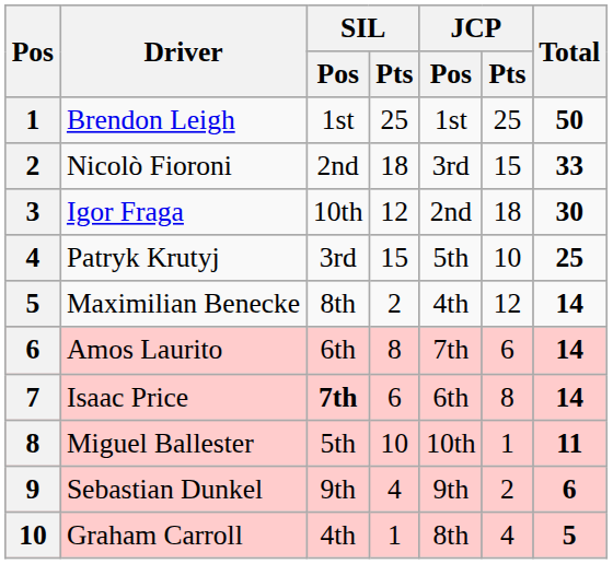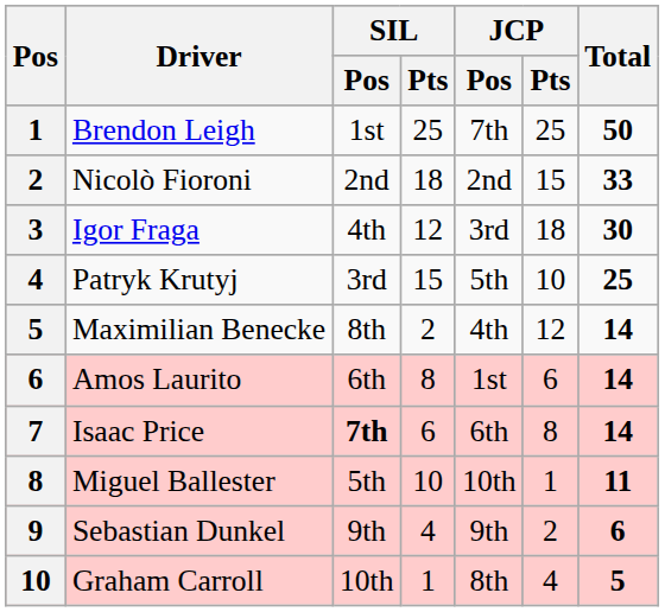 <table class="wikitable" style="font-size: 95%;">
 <tr>
 <th rowspan=2>Pos</th>
 <th rowspan=2>Driver</th>
 <th colspan=2> SIL</th>
 <th colspan=2> JCP</th>
 <th rowspan=2>Total</th>
 </tr>
 <tr>
 <th>Pos</th>
 <th>Pts</th>
 <th>Pos</th>
 <th>Pts</th>
 </tr>
 <tr>
 <th>1</th>
 <td> <a href='#'>Brendon Leigh</a></td>
 <td align=center>1st</td>
 <td align=center>25</td>
-<td align=center>1st</td>
+<td align=center>7th</td>
 <td align=center>25</td>
 <td align=center><strong>50</strong></td>
 </tr>
 <tr>
 <th>2</th>
 <td> Nicolò Fioroni</td>
 <td align=center>2nd</td>
 <td align=center>18</td>
-<td align=center>3rd</td>
+<td align=center>2nd</td>
 <td align=center>15</td>
 <td align=center><strong>33</strong></td>
 </tr>
 <tr>
 <th>3</th>
 <td> <a href='#'>Igor Fraga</a></td>
-<td align=center>10th</td>
+<td align=center>4th</td>
 <td align=center>12</td>
-<td align=center>2nd</td>
+<td align=center>3rd</td>
 <td align=center>18</td>
 <td align=center><strong>30</strong></td>
 </tr>
 <tr>
 <th>4</th>
 <td> Patryk Krutyj</td>
 <td align=center>3rd</td>
 <td align=center>15</td>
 <td align=center>5th</td>
 <td align=center>10</td>
 <td align=center><strong>25</strong></td>
 </tr>
 <tr>
 <th>5</th>
 <td> Maximilian Benecke</td>
 <td align=center>8th</td>
 <td align=center>2</td>
 <td align=center>4th</td>
 <td align=center>12</td>
 <td align=center><strong>14</strong></td>
 </tr>
 <tr style="background:#ffcccc;">
 <th>6</th>
 <td> Amos Laurito</td>
 <td align=center>6th</td>
 <td align=center>8</td>
-<td align=center>7th</td>
+<td align=center>1st</td>
 <td align=center>6</td>
 <td align=center><strong>14</strong></td>
 </tr>
 <tr style="background:#ffcccc;">
 <th>7</th>
 <td> Isaac Price</td>
 <td align=center><strong>7th</strong></td>
 <td align=center>6</td>
 <td align=center>6th</td>
 <td align=center>8</td>
 <td align=center><strong>14</strong></td>
 </tr>
 <tr style="background:#ffcccc;">
 <th>8</th>
 <td> Miguel Ballester</td>
 <td align=center>5th</td>
 <td align=center>10</td>
 <td align=center>10th</td>
 <td align=center>1</td>
 <td align=center><strong>11</strong></td>
 </tr>
 <tr style="background:#ffcccc;">
 <th>9</th>
 <td> Sebastian Dunkel</td>
 <td align=center>9th</td>
 <td align=center>4</td>
 <td align=center>9th</td>
 <td align=center>2</td>
 <td align=center><strong>6</strong></td>
 </tr>
 <tr style="background:#ffcccc;">
 <th>10</th>
 <td> Graham Carroll</td>
-<td align=center>4th</td>
+<td align=center>10th</td>
 <td align=center>1</td>
 <td align=center>8th</td>
 <td align=center>4</td>
 <td align=center><strong>5</strong></td>
 </tr>
 </table>
